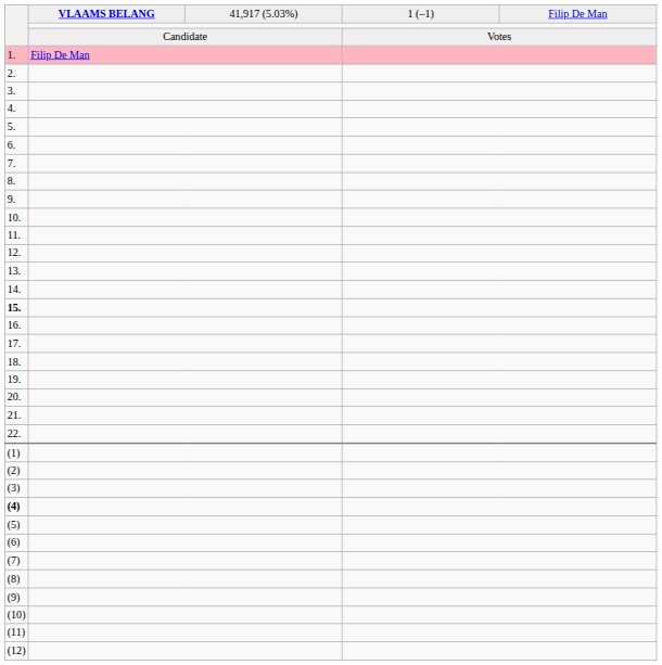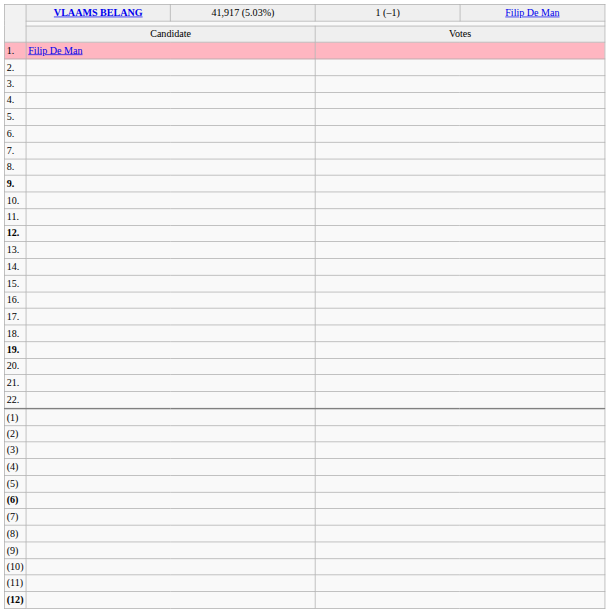 <table class="wikitable collapsible collapsed" style=text-align:left;font-size:90%>
 <tr>
 <th rowspan=3></th>
 <td bgcolor=efefef width=200 align=center><strong> <a href='#'>VLAAMS BELANG</a></strong></td>
 <td bgcolor=efefef width=200 align=center>41,917 (5.03%)</td>
 <td bgcolor=efefef width=200 align=center>1 (–1)</td>
 <td bgcolor=efefef width=200 align=center><a href='#'>Filip De Man</a></td>
 </tr>
 <tr>
 <td colspan=4 bgcolor=></td>
 </tr>
 <tr>
 <td bgcolor=efefef align=center colspan=2>Candidate</td>
 <td bgcolor=efefef align=center colspan=2>Votes</td>
 </tr>
 <tr bgcolor=lightpink>
 <td>1.</td>
 <td colspan=2><a href='#'>Filip De Man</a></td>
 <td colspan=2></td>
 </tr>
 <tr>
 <td>2.</td>
 <td colspan=2></td>
 <td colspan=2></td>
 </tr>
 <tr>
 <td>3.</td>
 <td colspan=2></td>
 <td colspan=2></td>
 </tr>
 <tr>
 <td>4.</td>
 <td colspan=2></td>
 <td colspan=2></td>
 </tr>
 <tr>
 <td>5.</td>
 <td colspan=2></td>
 <td colspan=2></td>
 </tr>
 <tr>
 <td>6.</td>
 <td colspan=2></td>
 <td colspan=2></td>
 </tr>
 <tr>
 <td>7.</td>
 <td colspan=2></td>
 <td colspan=2></td>
 </tr>
 <tr>
 <td>8.</td>
 <td colspan=2></td>
 <td colspan=2></td>
 </tr>
 <tr>
-<td>9.</td>
+<td><strong>9.</strong></td>
 <td colspan=2></td>
 <td colspan=2></td>
 </tr>
 <tr>
 <td>10.</td>
 <td colspan=2></td>
 <td colspan=2></td>
 </tr>
 <tr>
 <td>11.</td>
 <td colspan=2></td>
 <td colspan=2></td>
 </tr>
 <tr>
-<td>12.</td>
+<td><strong>12.</strong></td>
 <td colspan=2></td>
 <td colspan=2></td>
 </tr>
 <tr>
 <td>13.</td>
 <td colspan=2></td>
 <td colspan=2></td>
 </tr>
 <tr>
 <td>14.</td>
 <td colspan=2></td>
 <td colspan=2></td>
 </tr>
 <tr>
-<td><strong>15.</strong></td>
+<td>15.</td>
 <td colspan=2></td>
 <td colspan=2></td>
 </tr>
 <tr>
 <td>16.</td>
 <td colspan=2></td>
 <td colspan=2></td>
 </tr>
 <tr>
 <td>17.</td>
 <td colspan=2></td>
 <td colspan=2></td>
 </tr>
 <tr>
 <td>18.</td>
 <td colspan=2></td>
 <td colspan=2></td>
 </tr>
 <tr>
-<td>19.</td>
+<td><strong>19.</strong></td>
 <td colspan=2></td>
 <td colspan=2></td>
 </tr>
 <tr>
 <td>20.</td>
 <td colspan=2></td>
 <td colspan=2></td>
 </tr>
 <tr>
 <td>21.</td>
 <td colspan=2></td>
 <td colspan=2></td>
 </tr>
 <tr>
 <td>22.</td>
 <td colspan=2></td>
 <td colspan=2></td>
 </tr>
 <tr style="border-top:2px solid gray;">
 <td>(1)</td>
 <td colspan=2></td>
 <td colspan=2></td>
 </tr>
 <tr>
 <td>(2)</td>
 <td colspan=2></td>
 <td colspan=2></td>
 </tr>
 <tr>
 <td>(3)</td>
 <td colspan=2></td>
 <td colspan=2></td>
 </tr>
 <tr>
-<td><strong>(4)</strong></td>
+<td>(4)</td>
 <td colspan=2></td>
 <td colspan=2></td>
 </tr>
 <tr>
 <td>(5)</td>
 <td colspan=2></td>
 <td colspan=2></td>
 </tr>
 <tr>
-<td>(6)</td>
+<td><strong>(6)</strong></td>
 <td colspan=2></td>
 <td colspan=2></td>
 </tr>
 <tr>
 <td>(7)</td>
 <td colspan=2></td>
 <td colspan=2></td>
 </tr>
 <tr>
 <td>(8)</td>
 <td colspan=2></td>
 <td colspan=2></td>
 </tr>
 <tr>
 <td>(9)</td>
 <td colspan=2></td>
 <td colspan=2></td>
 </tr>
 <tr>
 <td>(10)</td>
 <td colspan=2></td>
 <td colspan=2></td>
 </tr>
 <tr>
 <td>(11)</td>
 <td colspan=2></td>
 <td colspan=2></td>
 </tr>
 <tr>
-<td>(12)</td>
+<td><strong>(12)</strong></td>
 <td colspan=2></td>
 <td colspan=2></td>
 </tr>
 </table>
